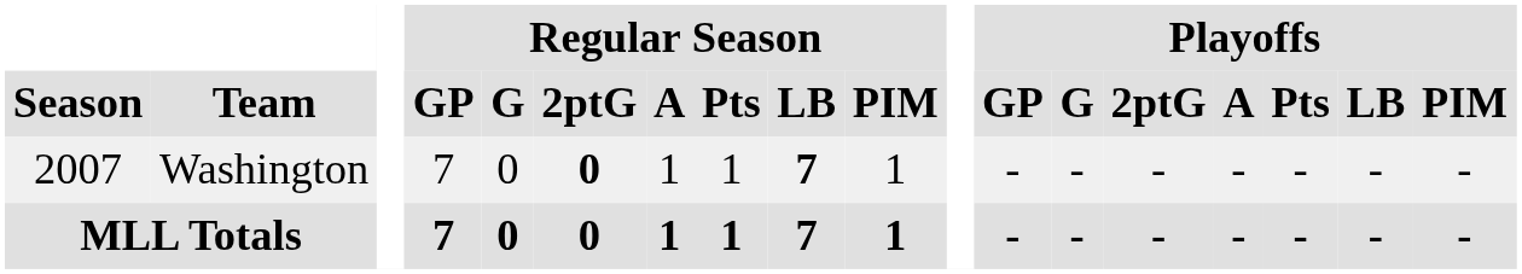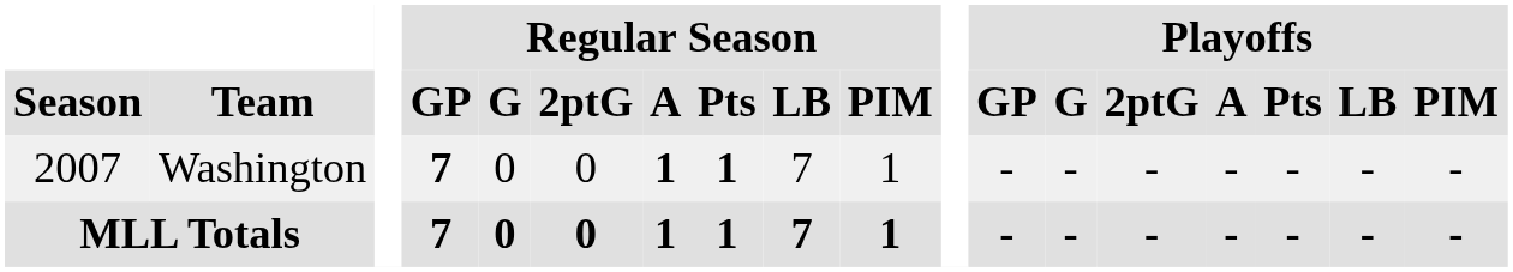 <table BORDER="0" CELLPADDING="3" CELLSPACING="0">
 <tr ALIGN="center" bgcolor="#e0e0e0">
 <th colspan="2" bgcolor="#ffffff"> </th>
 <th rowspan="99" bgcolor="#ffffff"> </th>
 <th colspan="7">Regular Season</th>
 <th rowspan="99" bgcolor="#ffffff"> </th>
 <th colspan="7">Playoffs</th>
 </tr>
 <tr ALIGN="center" bgcolor="#e0e0e0">
 <th>Season</th>
 <th>Team</th>
 <th>GP</th>
 <th>G</th>
 <th>2ptG</th>
 <th>A</th>
 <th>Pts</th>
 <th>LB</th>
 <th>PIM</th>
 <th>GP</th>
 <th>G</th>
 <th>2ptG</th>
 <th>A</th>
 <th>Pts</th>
 <th>LB</th>
 <th>PIM</th>
 </tr>
 <tr ALIGN="center" bgcolor="#f0f0f0">
 <td>2007</td>
 <td>Washington</td>
+<td><strong>7</strong></td>
+<td>0</td>
+<td>0</td>
+<td><strong>1</strong></td>
+<td><strong>1</strong></td>
 <td>7</td>
-<td>0</td>
-<td><strong>0</strong></td>
-<td>1</td>
-<td>1</td>
-<td><strong>7</strong></td>
 <td>1</td>
 <td>-</td>
 <td>-</td>
 <td>-</td>
 <td>-</td>
 <td>-</td>
 <td>-</td>
 <td>-</td>
 </tr>
 <tr ALIGN="center" bgcolor="#e0e0e0">
 <th colspan="2">MLL Totals</th>
 <th>7</th>
 <th>0</th>
 <th>0</th>
 <th>1</th>
 <th>1</th>
 <th>7</th>
 <th>1</th>
 <th>-</th>
 <th>-</th>
 <th>-</th>
 <th>-</th>
 <th>-</th>
 <th>-</th>
 <th>-</th>
 </tr>
 </table>
